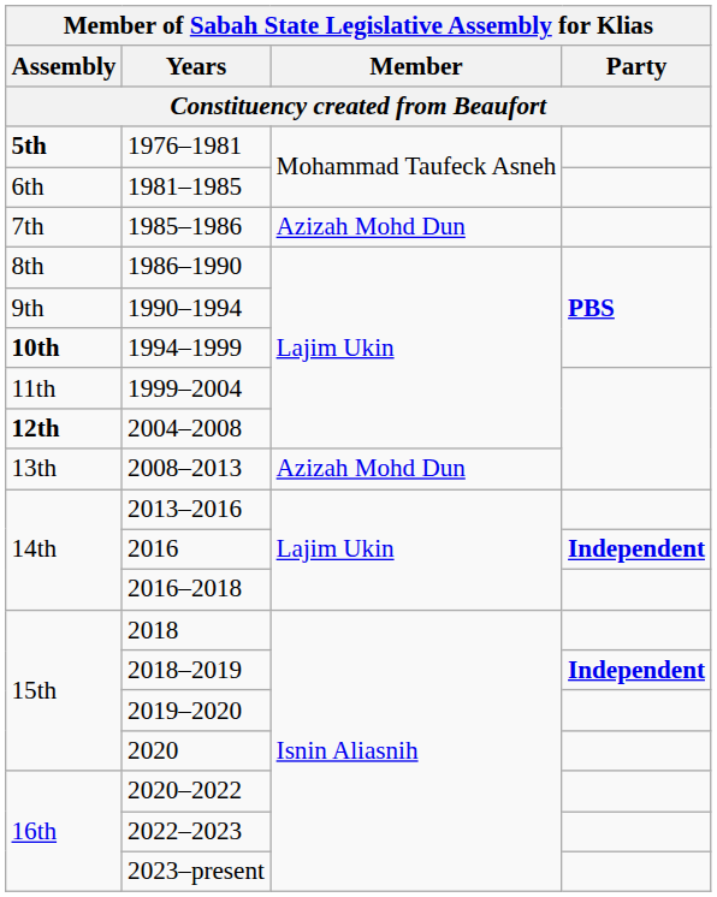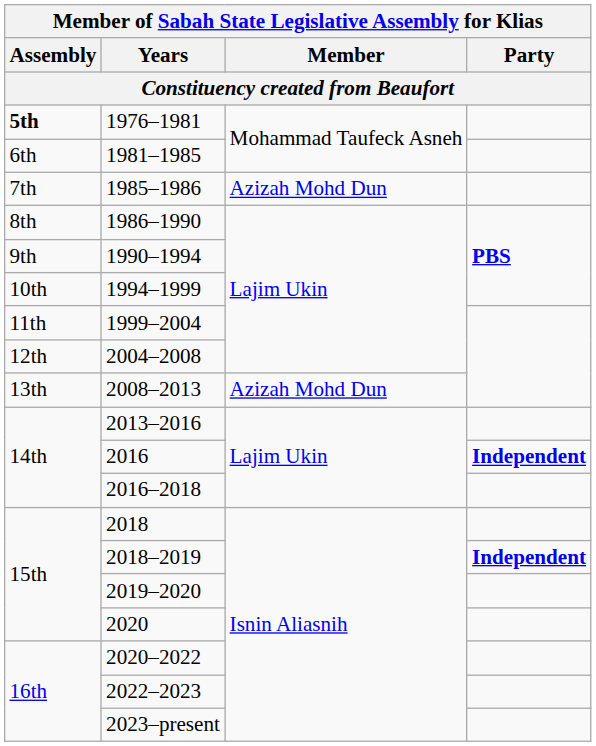 <table class="wikitable">
 <tr>
 <th colspan="4">Member of <a href='#'>Sabah State Legislative Assembly</a> for Klias</th>
 </tr>
 <tr>
 <th>Assembly</th>
 <th>Years</th>
 <th>Member</th>
 <th>Party</th>
 </tr>
 <tr>
 <th colspan="4" align="center"><em>Constituency created from Beaufort</em></th>
 </tr>
 <tr>
 <td><strong>5th</strong></td>
 <td>1976–1981</td>
 <td rowspan="2">Mohammad Taufeck Asneh</td>
 <td></td>
 </tr>
 <tr>
 <td>6th</td>
 <td>1981–1985</td>
 <td></td>
 </tr>
 <tr>
 <td>7th</td>
 <td>1985–1986</td>
 <td><a href='#'>Azizah Mohd Dun</a></td>
 <td></td>
 </tr>
 <tr>
 <td>8th</td>
 <td>1986–1990</td>
 <td rowspan="5"><a href='#'>Lajim Ukin</a></td>
 <td rowspan="3"><strong><a href='#'>PBS</a></strong></td>
 </tr>
 <tr>
 <td>9th</td>
 <td>1990–1994</td>
 </tr>
 <tr>
-<td><strong>10th</strong></td>
+<td>10th</td>
 <td>1994–1999</td>
 </tr>
 <tr>
 <td>11th</td>
 <td>1999–2004</td>
 <td rowspan="3"></td>
 </tr>
 <tr>
-<td><strong>12th</strong></td>
+<td>12th</td>
 <td>2004–2008</td>
 </tr>
 <tr>
 <td>13th</td>
 <td>2008–2013</td>
 <td><a href='#'>Azizah Mohd Dun</a></td>
 </tr>
 <tr>
 <td rowspan="3">14th</td>
 <td>2013–2016</td>
 <td rowspan="3"><a href='#'>Lajim Ukin</a></td>
 <td></td>
 </tr>
 <tr>
 <td>2016</td>
 <td><strong><a href='#'>Independent</a></strong></td>
 </tr>
 <tr>
 <td>2016–2018</td>
 <td></td>
 </tr>
 <tr>
 <td rowspan="4">15th</td>
 <td>2018</td>
 <td rowspan="7"><a href='#'>Isnin Aliasnih</a></td>
 <td></td>
 </tr>
 <tr>
 <td>2018–2019</td>
 <td><strong><a href='#'>Independent</a></strong></td>
 </tr>
 <tr>
 <td>2019–2020</td>
 <td></td>
 </tr>
 <tr>
 <td>2020</td>
 <td></td>
 </tr>
 <tr>
 <td rowspan="3"><a href='#'>16th</a></td>
 <td>2020–2022</td>
 <td></td>
 </tr>
 <tr>
 <td>2022–2023</td>
 <td></td>
 </tr>
 <tr>
 <td>2023–present</td>
 <td></td>
 </tr>
 </table>
